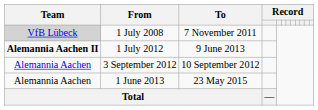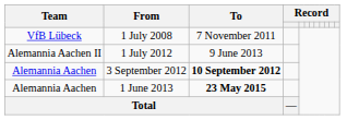 <table class="wikitable" style="text-align: center">
 <tr>
 <th rowspan="2">Team</th>
 <th rowspan="2">From</th>
 <th rowspan="2">To</th>
 <th colspan="9">Record</th>
 </tr>
 <tr>
 <th></th>
 <th></th>
 <th></th>
 <th></th>
 <th></th>
 <th></th>
 <th></th>
 <th></th>
 <th></th>
 </tr>
 <tr>
-<td style="background: lightgrey;"><a href='#'>VfB Lübeck</a></td>
+<td><a href='#'>VfB Lübeck</a></td>
 <td>1 July 2008</td>
 <td>7 November 2011<br></td>
 <td></td>
 </tr>
 <tr>
-<td><strong>Alemannia Aachen II</strong></td>
+<td>Alemannia Aachen II</td>
 <td>1 July 2012</td>
 <td>9 June 2013<br></td>
 <td></td>
 </tr>
 <tr>
 <td><a href='#'>Alemannia Aachen</a></td>
 <td>3 September 2012</td>
-<td>10 September 2012<br></td>
+<td><strong>10 September 2012<br></strong></td>
 <td></td>
 </tr>
 <tr>
 <td>Alemannia Aachen</td>
 <td>1 June 2013</td>
-<td>23 May 2015<br></td>
+<td><strong>23 May 2015<br></strong></td>
 <td></td>
 </tr>
 <tr>
 <th colspan="3">Total<br></th>
 <th>—</th>
 </tr>
 </table>
